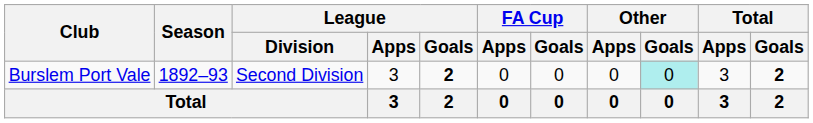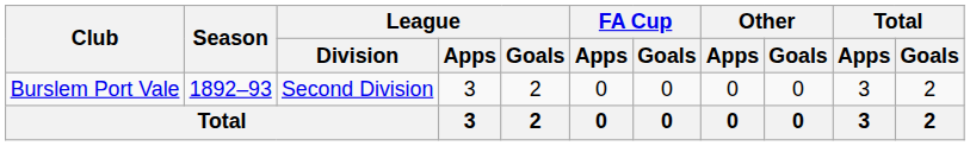 <table class="wikitable" style="text-align:center">
 <tr>
 <th rowspan="2">Club</th>
 <th rowspan="2">Season</th>
 <th colspan="3">League</th>
 <th colspan="2"><a href='#'>FA Cup</a></th>
 <th colspan="2">Other</th>
 <th colspan="2">Total</th>
 </tr>
 <tr>
 <th>Division</th>
 <th>Apps</th>
 <th>Goals</th>
 <th>Apps</th>
 <th>Goals</th>
 <th>Apps</th>
 <th>Goals</th>
 <th>Apps</th>
 <th>Goals</th>
 </tr>
 <tr>
 <td rowspan="1"><a href='#'>Burslem Port Vale</a></td>
 <td><a href='#'>1892–93</a></td>
 <td rowspan="1"><a href='#'>Second Division</a></td>
 <td>3</td>
-<td><strong>2</strong></td>
+<td>2</td>
 <td>0</td>
 <td>0</td>
 <td>0</td>
-<td style="background: paleturquoise;">0</td>
+<td>0</td>
 <td>3</td>
-<td><strong>2</strong></td>
+<td>2</td>
 </tr>
 <tr>
 <th colspan="3">Total</th>
 <th>3</th>
 <th>2</th>
 <th>0</th>
 <th>0</th>
 <th>0</th>
 <th>0</th>
 <th>3</th>
 <th>2</th>
 </tr>
 </table>
